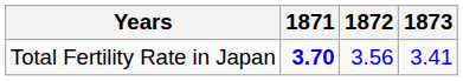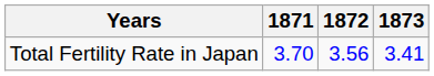 <table class="wikitable " style="text-align:right">
 <tr>
 <th>Years</th>
 <th>1871</th>
 <th>1872</th>
 <th>1873</th>
 </tr>
 <tr>
 <td align="left">Total Fertility Rate in Japan</td>
-<td style="text-align:right; color:blue;"><strong>3.70</strong></td>
+<td style="text-align:right; color:blue;">3.70</td>
 <td style="text-align:right; color:blue;">3.56</td>
 <td style="text-align:right; color:blue;">3.41</td>
 </tr>
 </table>
